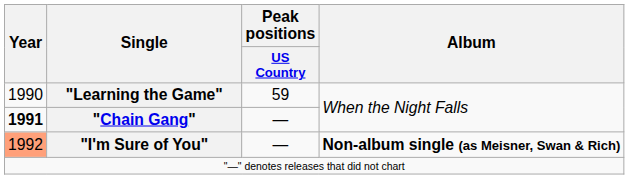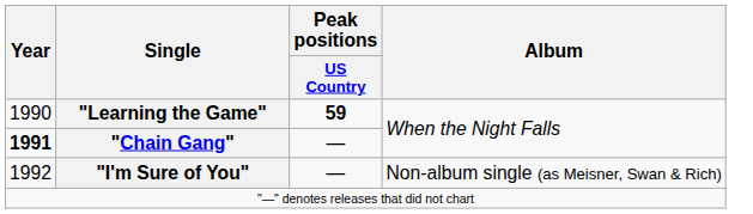 <table class="wikitable plainrowheaders" style="text-align:center;">
 <tr>
 <th rowspan="2">Year</th>
 <th rowspan="2" style="width:12em;">Single</th>
 <th colspan="1">Peak positions</th>
 <th rowspan="2">Album</th>
 </tr>
 <tr style="font-size:smaller;">
 <th width="65"><a href='#'>US Country</a></th>
 </tr>
 <tr>
 <td>1990</td>
 <th scope="row">"Learning the Game"</th>
-<td>59</td>
+<td><strong>59</strong></td>
 <td align="left" rowspan=2><em>When the Night Falls</em></td>
 </tr>
 <tr>
 <td><strong>1991</strong></td>
 <th scope="row">"<a href='#'>Chain Gang</a>"</th>
 <td>—</td>
 </tr>
 <tr>
-<td style="background: lightsalmon;">1992</td>
+<td>1992</td>
 <th scope="row">"I'm Sure of You"</th>
 <td>—</td>
-<td align="left"><strong>Non-album single <small>(as Meisner, Swan & Rich)</small></strong></td>
+<td align="left">Non-album single <small>(as Meisner, Swan & Rich)</small></td>
 </tr>
 <tr>
 <td colspan="4" style="font-size:8pt">"—" denotes releases that did not chart</td>
 </tr>
 </table>
